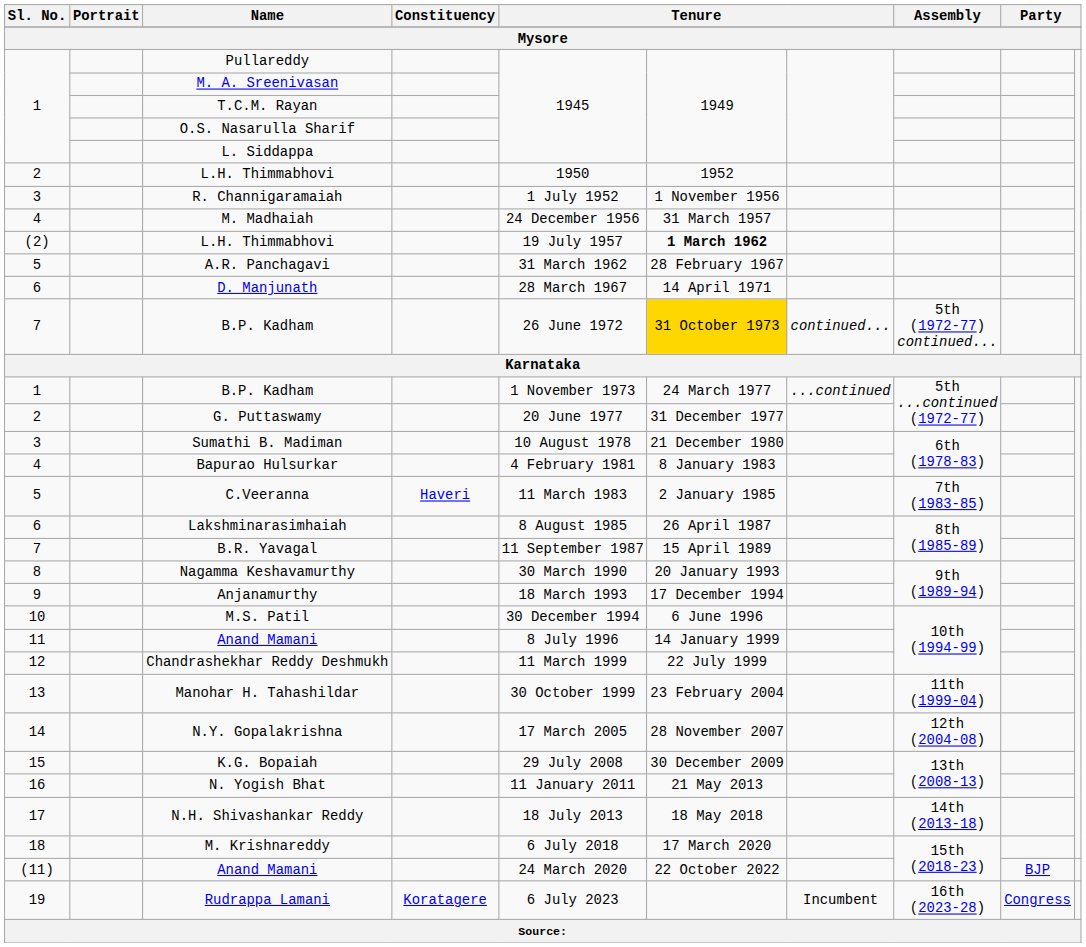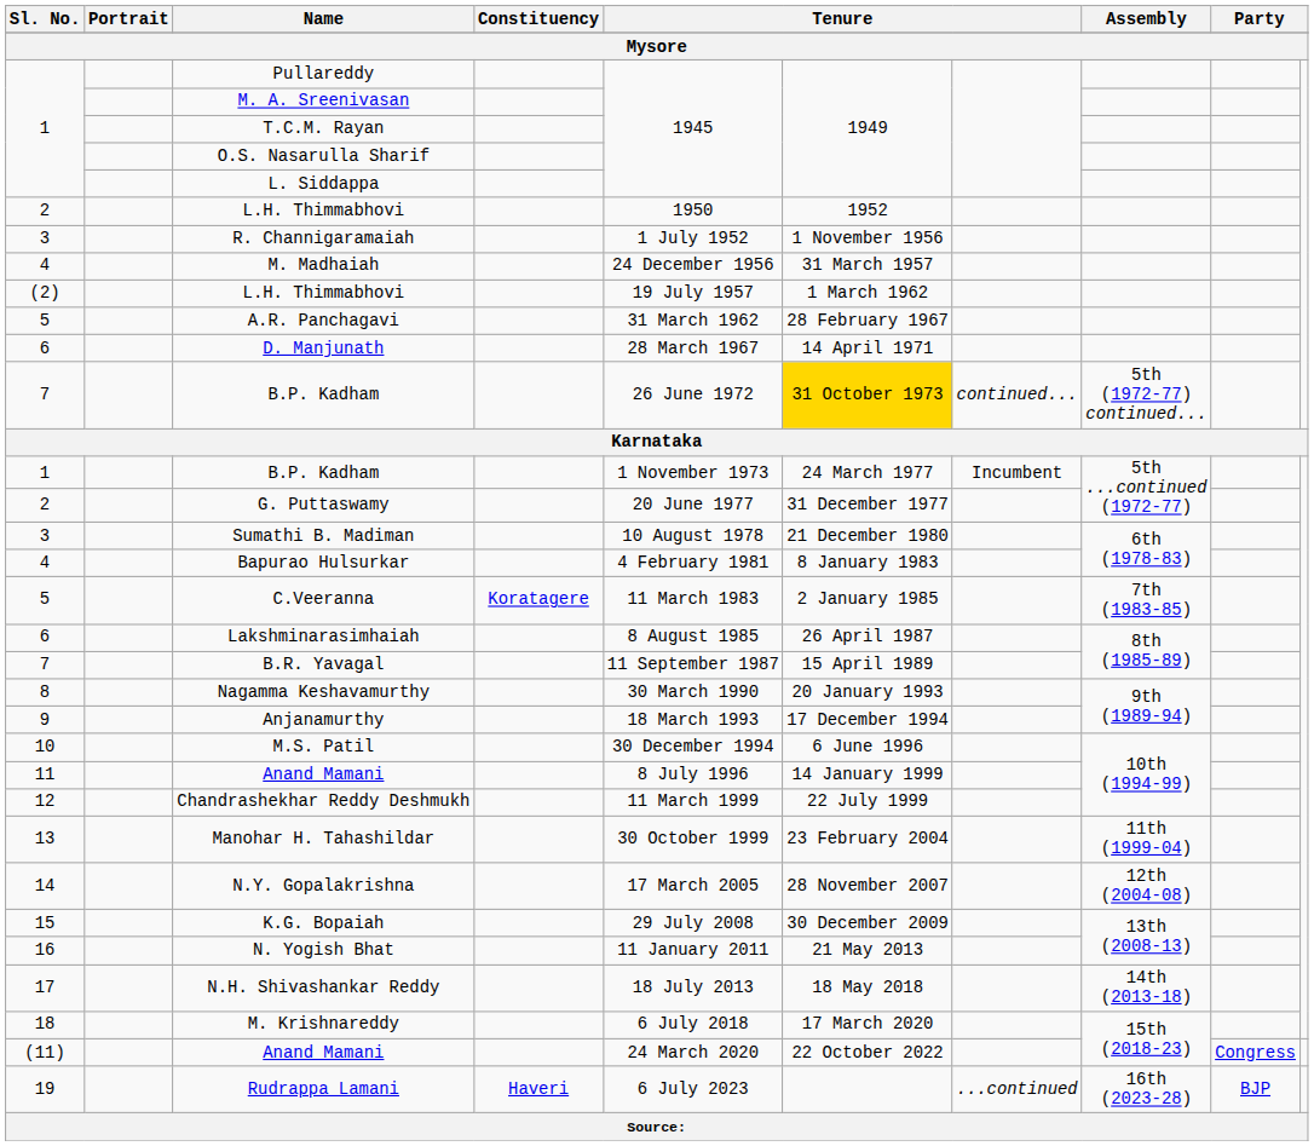 <table class="wikitable sortable">
 <tr>
 <th>Sl. No.</th>
 <th>Portrait</th>
 <th>Name</th>
 <th>Constituency</th>
 <th colspan="3">Tenure</th>
 <th>Assembly</th>
 <th colspan="2" scope="col">Party</th>
 </tr>
 <tr style="text-align:center;">
 </tr>
 <tr style="text-align:center;">
 <th colspan="10">Mysore</th>
 </tr>
 <tr style="text-align:center;">
 <td rowspan="5">1</td>
 <td></td>
 <td>Pullareddy</td>
 <td></td>
 <td rowspan="5">1945</td>
 <td rowspan="5">1949</td>
 <td rowspan="5"></td>
 <td></td>
 <td></td>
 </tr>
 <tr style="text-align:center;">
 <td></td>
 <td><a href='#'>M. A. Sreenivasan</a></td>
 <td></td>
 <td></td>
 <td></td>
 </tr>
 <tr style="text-align:center;">
 <td></td>
 <td>T.C.M. Rayan</td>
 <td></td>
 <td></td>
 <td></td>
 </tr>
 <tr style="text-align:center;">
 <td></td>
 <td>O.S. Nasarulla Sharif</td>
 <td></td>
 <td></td>
 <td></td>
 </tr>
 <tr style="text-align:center;">
 <td></td>
 <td>L. Siddappa</td>
 <td></td>
 <td></td>
 <td></td>
 </tr>
 <tr style="text-align:center;">
 <td>2</td>
 <td></td>
 <td>L.H. Thimmabhovi</td>
 <td></td>
 <td>1950</td>
 <td>1952</td>
 <td></td>
 <td></td>
 <td></td>
 </tr>
 <tr style="text-align:center;">
 <td>3</td>
 <td></td>
 <td>R. Channigaramaiah</td>
 <td></td>
 <td>1 July 1952</td>
 <td>1 November 1956</td>
 <td></td>
 <td></td>
 <td></td>
 </tr>
 <tr style="text-align:center;">
 <td>4</td>
 <td></td>
 <td>M. Madhaiah</td>
 <td></td>
 <td>24 December 1956</td>
 <td>31 March 1957</td>
 <td></td>
 <td></td>
 <td></td>
 </tr>
 <tr style="text-align:center;">
 <td>(2)</td>
 <td></td>
 <td>L.H. Thimmabhovi</td>
 <td></td>
 <td>19 July 1957</td>
-<td><strong>1 March 1962</strong></td>
+<td>1 March 1962</td>
 <td></td>
 <td></td>
 <td></td>
 </tr>
 <tr style="text-align:center;">
 <td>5</td>
 <td></td>
 <td>A.R. Panchagavi</td>
 <td></td>
 <td>31 March 1962</td>
 <td>28 February 1967</td>
 <td></td>
 <td></td>
 <td></td>
 </tr>
 <tr style="text-align:center;">
 <td>6</td>
 <td></td>
 <td><a href='#'>D. Manjunath</a></td>
 <td></td>
 <td>28 March 1967</td>
 <td>14 April 1971</td>
 <td></td>
 <td></td>
 <td></td>
 </tr>
 <tr style="text-align:center;">
 <td>7</td>
 <td></td>
 <td>B.P. Kadham</td>
 <td></td>
 <td>26 June 1972</td>
 <td style="background: gold;">31 October 1973</td>
 <td> <em>continued...</em></td>
 <td>5th<br>(<a href='#'>1972-77</a>)<br><em>continued...</em></td>
 <td></td>
 </tr>
 <tr style="text-align:center;">
 <th colspan="10">Karnataka</th>
 </tr>
 <tr style="text-align:center;">
 <td>1</td>
 <td></td>
 <td>B.P. Kadham</td>
 <td></td>
 <td>1 November 1973</td>
 <td>24 March 1977</td>
-<td><em>...continued</em><br></td>
+<td>Incumbent</td>
 <td rowspan="2">5th<br><em>...continued</em><br>(<a href='#'>1972-77</a>)</td>
 <td></td>
 </tr>
 <tr style="text-align:center;">
 <td>2</td>
 <td></td>
 <td>G. Puttaswamy</td>
 <td></td>
 <td>20 June 1977</td>
 <td>31 December 1977</td>
 <td></td>
 <td></td>
 </tr>
 <tr style="text-align:center;">
 <td>3</td>
 <td></td>
 <td>Sumathi B. Madiman</td>
 <td></td>
 <td>10 August 1978</td>
 <td>21 December 1980</td>
 <td></td>
 <td rowspan="2">6th<br>(<a href='#'>1978-83</a>)</td>
 <td></td>
 </tr>
 <tr style="text-align:center;">
 <td>4</td>
 <td></td>
 <td>Bapurao Hulsurkar</td>
 <td></td>
 <td>4 February 1981</td>
 <td>8 January 1983</td>
 <td></td>
 <td></td>
 </tr>
 <tr style="text-align:center;">
 <td>5</td>
 <td></td>
 <td>C.Veeranna</td>
-<td><a href='#'>Haveri</a></td>
+<td><a href='#'>Koratagere</a></td>
 <td>11 March 1983</td>
 <td>2 January 1985</td>
 <td></td>
 <td>7th<br>(<a href='#'>1983-85</a>)</td>
 <td></td>
 </tr>
 <tr style="text-align:center;">
 <td>6</td>
 <td></td>
 <td>Lakshminarasimhaiah</td>
 <td></td>
 <td>8 August 1985</td>
 <td>26 April 1987</td>
 <td></td>
 <td rowspan="2">8th<br>(<a href='#'>1985-89</a>)</td>
 <td></td>
 </tr>
 <tr style="text-align:center;">
 <td>7</td>
 <td></td>
 <td>B.R. Yavagal</td>
 <td></td>
 <td>11 September 1987</td>
 <td>15 April 1989</td>
 <td></td>
 <td></td>
 </tr>
 <tr style="text-align:center;">
 <td>8</td>
 <td></td>
 <td>Nagamma Keshavamurthy</td>
 <td></td>
 <td>30 March 1990</td>
 <td>20 January 1993</td>
 <td></td>
 <td rowspan="2">9th<br>(<a href='#'>1989-94</a>)</td>
 <td></td>
 </tr>
 <tr style="text-align:center;">
 <td>9</td>
 <td></td>
 <td>Anjanamurthy</td>
 <td></td>
 <td>18 March 1993</td>
 <td>17 December 1994</td>
 <td></td>
 <td></td>
 </tr>
 <tr style="text-align:center;">
 <td>10</td>
 <td></td>
 <td>M.S. Patil</td>
 <td></td>
 <td>30 December 1994</td>
 <td>6 June 1996</td>
 <td></td>
 <td rowspan="3">10th<br>(<a href='#'>1994-99</a>)</td>
 <td></td>
 </tr>
 <tr style="text-align:center;">
 <td>11</td>
 <td></td>
 <td><a href='#'>Anand Mamani</a></td>
 <td></td>
 <td>8 July 1996</td>
 <td>14 January 1999</td>
 <td></td>
 <td></td>
 </tr>
 <tr style="text-align:center;">
 <td>12</td>
 <td></td>
 <td>Chandrashekhar Reddy Deshmukh</td>
 <td></td>
 <td>11 March 1999</td>
 <td>22 July 1999</td>
 <td></td>
 <td></td>
 </tr>
 <tr style="text-align:center;">
 <td>13</td>
 <td></td>
 <td>Manohar H. Tahashildar</td>
 <td></td>
 <td>30 October 1999</td>
 <td>23 February 2004</td>
 <td></td>
 <td>11th<br>(<a href='#'>1999-04</a>)</td>
 <td></td>
 </tr>
 <tr style="text-align:center;">
 <td>14</td>
 <td></td>
 <td>N.Y. Gopalakrishna</td>
 <td></td>
 <td>17 March 2005</td>
 <td>28 November 2007</td>
 <td></td>
 <td>12th<br>(<a href='#'>2004-08</a>)</td>
 <td></td>
 </tr>
 <tr style="text-align:center;">
 <td>15</td>
 <td></td>
 <td>K.G. Bopaiah</td>
 <td></td>
 <td>29 July 2008</td>
 <td>30 December 2009</td>
 <td></td>
 <td rowspan="2">13th<br>(<a href='#'>2008-13</a>)</td>
 <td></td>
 </tr>
 <tr style="text-align:center;">
 <td>16</td>
 <td></td>
 <td>N. Yogish Bhat</td>
 <td></td>
 <td>11 January 2011</td>
 <td>21 May 2013</td>
 <td></td>
 <td></td>
 </tr>
 <tr style="text-align:center;">
 <td>17</td>
 <td></td>
 <td>N.H. Shivashankar Reddy</td>
 <td></td>
 <td>18 July 2013</td>
 <td>18 May 2018</td>
 <td></td>
 <td>14th<br>(<a href='#'>2013-18</a>)</td>
 <td></td>
 </tr>
 <tr style="text-align:center;">
 <td>18</td>
 <td></td>
 <td>M. Krishnareddy</td>
 <td></td>
 <td>6 July 2018</td>
 <td>17 March 2020</td>
 <td></td>
 <td rowspan="2">15th<br>(<a href='#'>2018-23</a>)</td>
 <td></td>
 </tr>
 <tr style="text-align:center;">
 <td>(11)</td>
 <td></td>
 <td><a href='#'>Anand Mamani</a></td>
 <td></td>
 <td>24 March 2020</td>
 <td>22 October 2022</td>
 <td></td>
-<td><a href='#'>BJP</a></td>
+<td><a href='#'>Congress</a></td>
 <td style="background-color: "></td>
 </tr>
 <tr style="text-align:center;">
 <td>19</td>
 <td></td>
 <td><a href='#'>Rudrappa Lamani</a></td>
-<td><a href='#'>Koratagere</a></td>
+<td><a href='#'>Haveri</a></td>
 <td>6 July 2023</td>
 <td></td>
-<td>Incumbent</td>
+<td><em>...continued</em><br></td>
 <td>16th<br>(<a href='#'>2023-28</a>)</td>
-<td><a href='#'>Congress</a></td>
+<td><a href='#'>BJP</a></td>
 <td style="background-color: "></td>
 </tr>
 <tr style="text-align:center;">
 <th colspan="10" style="text-align: center;"><small>Source: </small></th>
 </tr>
 </table>
